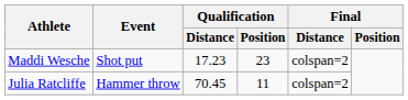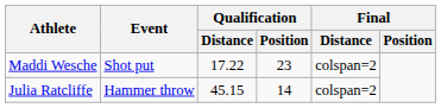 <table class=wikitable style=font-size:90%>
 <tr>
 <th rowspan=2>Athlete</th>
 <th rowspan=2>Event</th>
 <th colspan=2>Qualification</th>
 <th colspan=2>Final</th>
 </tr>
 <tr style=font-size:95%>
 <th>Distance</th>
 <th>Position</th>
 <th>Distance</th>
 <th>Position</th>
 </tr>
 <tr align=center>
 <td align=left><a href='#'>Maddi Wesche</a></td>
 <td align=left><a href='#'>Shot put</a></td>
-<td>17.23</td>
+<td>17.22</td>
 <td>23</td>
 <td>colspan=2 </td>
 </tr>
 <tr align=center>
 <td align=left><a href='#'>Julia Ratcliffe</a></td>
 <td align=left><a href='#'>Hammer throw</a></td>
-<td>70.45</td>
-<td>11</td>
+<td>45.15</td>
+<td>14</td>
 <td>colspan=2 </td>
 </tr>
 </table>
